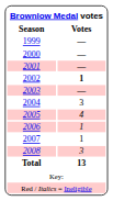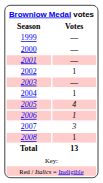 <table style="margin-right: 4px; margin-top: 8px; float: right; border: 1px #000000 solid; border-radius: 8px; background: #FFFFFF; font-family: Verdana; font-size: 8pt; text-align: center;">
 <tr style="background:#FFFFFF;">
 <td colspan=2; style="padding: 3px; margin-bottom: -3px; margin-top: 2px; font-family: Arial; background:#FFFFFF;"><strong><a href='#'>Brownlow Medal</a> votes</strong></td>
 </tr>
 <tr>
 <th width=50%>Season</th>
 <th width=50%>Votes</th>
 </tr>
 <tr>
 <td><a href='#'>1999</a></td>
 <td>—</td>
 </tr>
 <tr>
 <td><a href='#'>2000</a></td>
 <td>—</td>
 </tr>
 <tr style="background:#FFCCCC;">
 <td><em><a href='#'>2001</a></em></td>
 <td>—</td>
 </tr>
 <tr>
 <td><a href='#'>2002</a></td>
-<td><strong>1</strong></td>
+<td>1</td>
 </tr>
 <tr style="background:#FFCCCC;">
 <td><em><a href='#'>2003</a></em></td>
 <td>—</td>
 </tr>
 <tr>
 <td><a href='#'>2004</a></td>
-<td>3</td>
+<td>1</td>
 </tr>
 <tr style="background:#FFCCCC;">
 <td><em><a href='#'>2005</a></em></td>
 <td><em>4</em></td>
 </tr>
 <tr style="background:#FFCCCC;">
 <td><em><a href='#'>2006</a></em></td>
 <td><em>1</em></td>
 </tr>
 <tr>
 <td><a href='#'>2007</a></td>
-<td>1</td>
+<td><em>3</em></td>
 </tr>
 <tr style="background:#FFCCCC;">
 <td><em><a href='#'>2008</a></em></td>
-<td><em>3</em></td>
+<td>1</td>
 </tr>
 <tr>
 <th>Total</th>
 <th>13</th>
 </tr>
 <tr>
 <td colspan=2><small>Key:</small><br></td>
 </tr>
 <tr style="background-color:#FFCCCC; border:1px solid #aaaaaa; width:2em;">
 <td colspan=2><small>Red / <em>Italics</em> = <a href='#'>Ineligible</a></small></td>
 </tr>
 </table>
